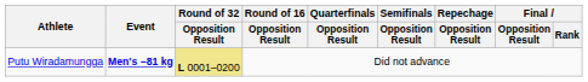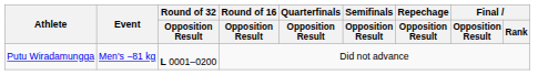 <table class="wikitable" style="font-size:90%">
 <tr>
 <th rowspan="2">Athlete</th>
 <th rowspan="2">Event</th>
 <th>Round of 32</th>
 <th>Round of 16</th>
 <th>Quarterfinals</th>
 <th>Semifinals</th>
 <th>Repechage</th>
 <th colspan=2>Final / </th>
 </tr>
 <tr style="font-size:95%">
 <th>Opposition<br>Result</th>
 <th>Opposition<br>Result</th>
 <th>Opposition<br>Result</th>
 <th>Opposition<br>Result</th>
 <th>Opposition<br>Result</th>
 <th>Opposition<br>Result</th>
 <th>Rank</th>
 </tr>
 <tr align=center>
 <td align=left><a href='#'>Putu Wiradamungga</a></td>
-<td align=left><strong><a href='#'>Men's −81 kg</a></strong></td>
-<td style="background: khaki;"> <br><strong>L</strong> 0001–0200</td>
+<td align=left><a href='#'>Men's −81 kg</a></td>
+<td> <br><strong>L</strong> 0001–0200</td>
 <td colspan=6>Did not advance</td>
 </tr>
 </table>
